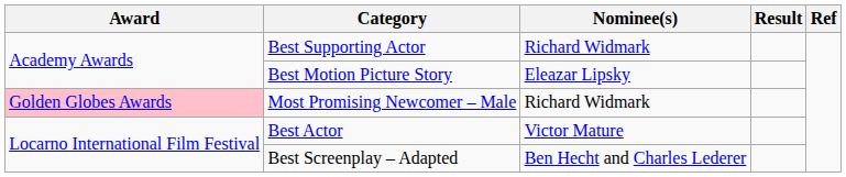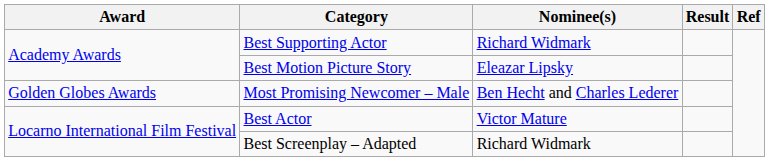 <table class="wikitable plainrowheaders">
 <tr>
 <th>Award</th>
 <th>Category</th>
 <th>Nominee(s)</th>
 <th>Result</th>
 <th>Ref</th>
 </tr>
 <tr>
 <td rowspan="2"><a href='#'>Academy Awards</a></td>
 <td><a href='#'>Best Supporting Actor</a></td>
 <td><a href='#'>Richard Widmark</a></td>
 <td></td>
 <td rowspan="5" style="text-align:center;"><br></td>
 </tr>
 <tr>
 <td><a href='#'>Best Motion Picture Story</a></td>
 <td><a href='#'>Eleazar Lipsky</a></td>
 <td></td>
 </tr>
 <tr>
-<td style="background: pink;"><a href='#'>Golden Globes Awards</a></td>
+<td><a href='#'>Golden Globes Awards</a></td>
 <td><a href='#'>Most Promising Newcomer – Male</a></td>
-<td>Richard Widmark</td>
+<td><a href='#'>Ben Hecht</a> and <a href='#'>Charles Lederer</a></td>
 <td></td>
 </tr>
 <tr>
 <td rowspan="2"><a href='#'>Locarno International Film Festival</a></td>
 <td><a href='#'>Best Actor</a></td>
 <td><a href='#'>Victor Mature</a></td>
 <td></td>
 </tr>
 <tr>
 <td>Best Screenplay – Adapted</td>
-<td><a href='#'>Ben Hecht</a> and <a href='#'>Charles Lederer</a></td>
+<td>Richard Widmark</td>
 <td></td>
 </tr>
 </table>
